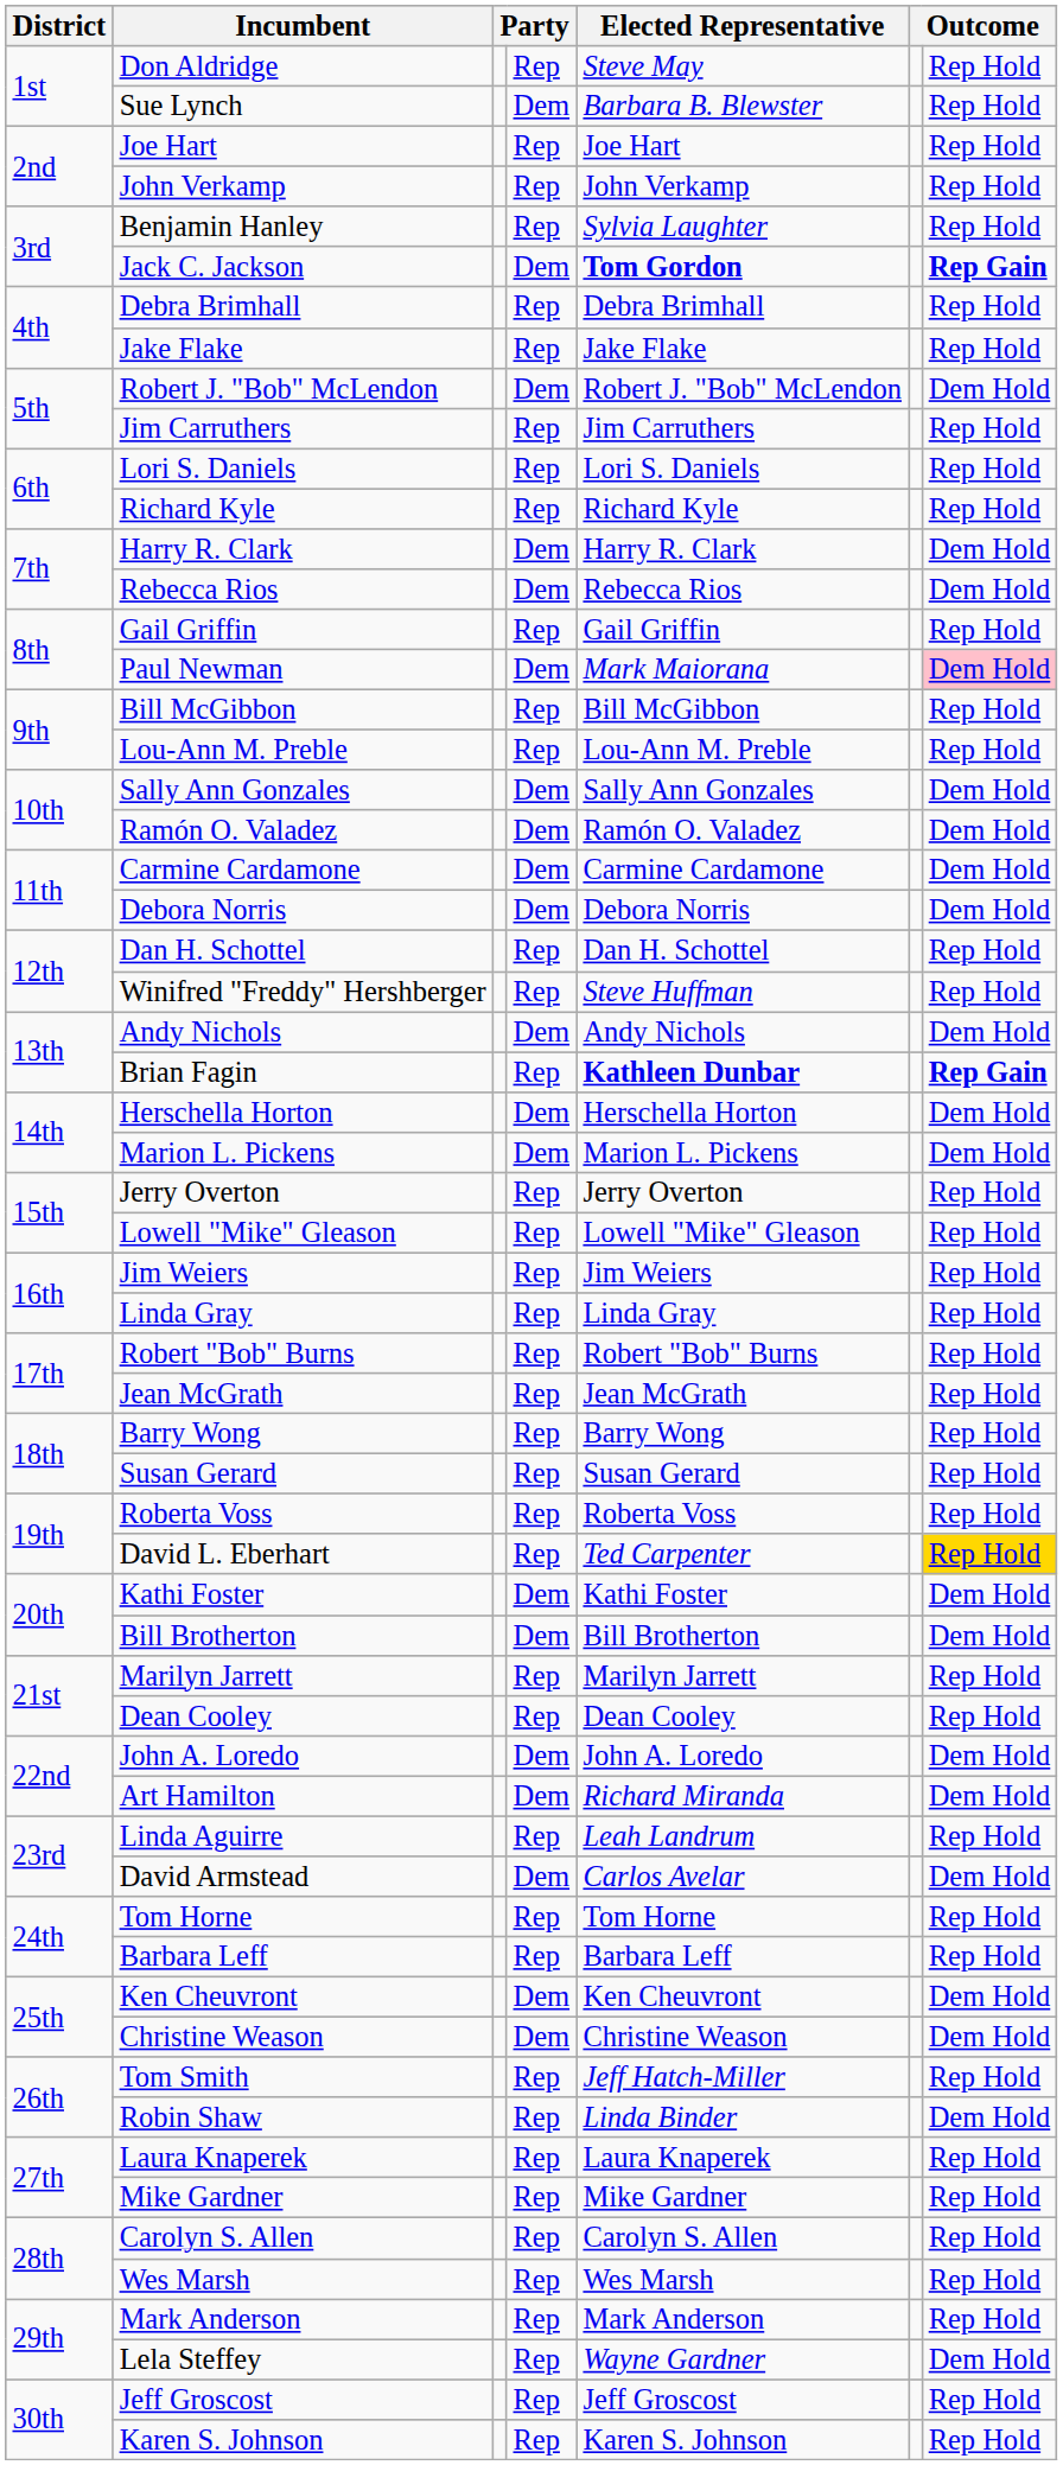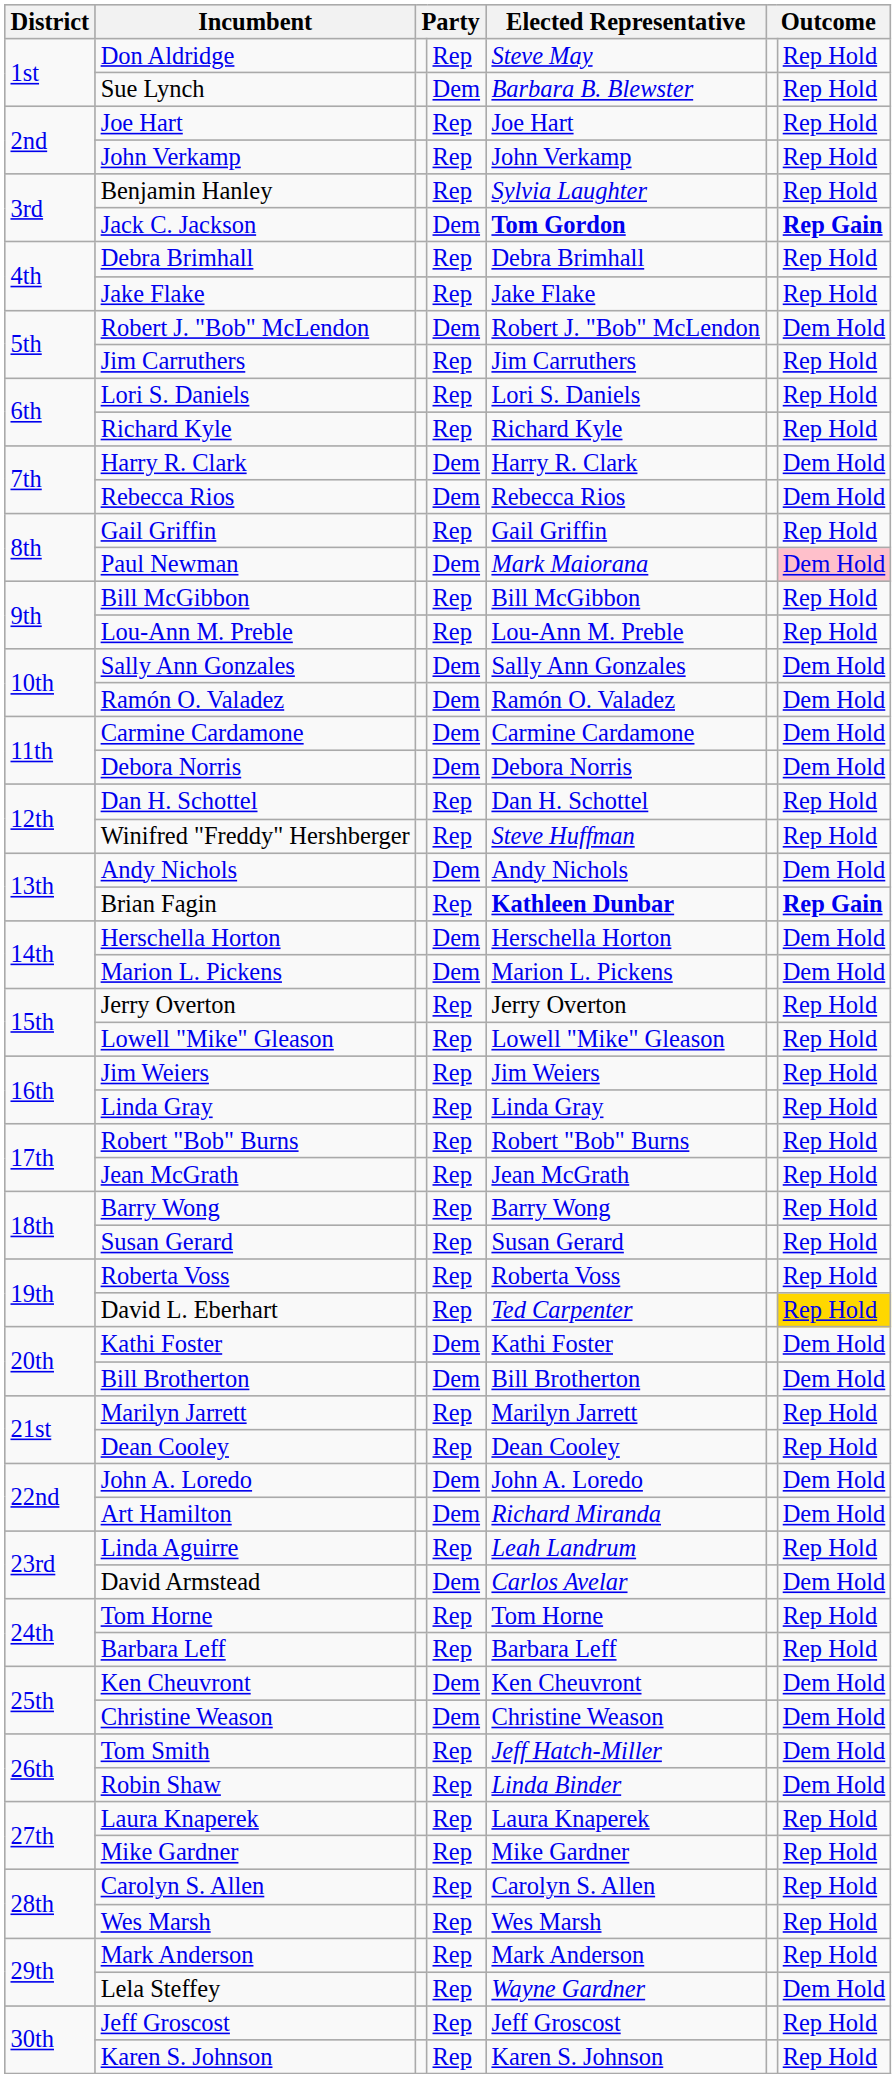 <table class="sortable wikitable" style="font-size:95%;line-height:14px;">
 <tr>
 <th>District</th>
 <th>Incumbent</th>
 <th colspan="2">Party</th>
 <th>Elected Representative</th>
 <th colspan="2">Outcome</th>
 </tr>
 <tr>
 <td rowspan="2"><a href='#'>1st</a></td>
 <td><a href='#'>Don Aldridge</a></td>
 <td style="background:"></td>
 <td><a href='#'>Rep</a></td>
 <td><em><a href='#'>Steve May</a></em></td>
 <td style="background:"></td>
 <td><a href='#'>Rep Hold</a></td>
 </tr>
 <tr>
 <td>Sue Lynch</td>
 <td style="background:"></td>
 <td><a href='#'>Dem</a></td>
 <td><em><a href='#'>Barbara B. Blewster</a></em></td>
 <td style="background:"></td>
 <td><a href='#'>Rep Hold</a></td>
 </tr>
 <tr>
 <td rowspan="2"><a href='#'>2nd</a></td>
 <td><a href='#'>Joe Hart</a></td>
 <td style="background:"></td>
 <td><a href='#'>Rep</a></td>
 <td><a href='#'>Joe Hart</a></td>
 <td style="background:"></td>
 <td><a href='#'>Rep Hold</a></td>
 </tr>
 <tr>
 <td><a href='#'>John Verkamp</a></td>
 <td style="background:"></td>
 <td><a href='#'>Rep</a></td>
 <td><a href='#'>John Verkamp</a></td>
 <td style="background:"></td>
 <td><a href='#'>Rep Hold</a></td>
 </tr>
 <tr>
 <td rowspan="2"><a href='#'>3rd</a></td>
 <td>Benjamin Hanley</td>
 <td style="background:"></td>
 <td><a href='#'>Rep</a></td>
 <td><em><a href='#'>Sylvia Laughter</a></em></td>
 <td style="background:"></td>
 <td><a href='#'>Rep Hold</a></td>
 </tr>
 <tr>
 <td><a href='#'>Jack C. Jackson</a></td>
 <td style="background:"></td>
 <td><a href='#'>Dem</a></td>
 <td><strong><a href='#'>Tom Gordon</a></strong></td>
 <td style="background:"></td>
 <td><strong><a href='#'>Rep Gain</a></strong></td>
 </tr>
 <tr>
 <td rowspan="2"><a href='#'>4th</a></td>
 <td><a href='#'>Debra Brimhall</a></td>
 <td style="background:"></td>
 <td><a href='#'>Rep</a></td>
 <td><a href='#'>Debra Brimhall</a></td>
 <td style="background:"></td>
 <td><a href='#'>Rep Hold</a></td>
 </tr>
 <tr>
 <td><a href='#'>Jake Flake</a></td>
 <td style="background:"></td>
 <td><a href='#'>Rep</a></td>
 <td><a href='#'>Jake Flake</a></td>
 <td style="background:"></td>
 <td><a href='#'>Rep Hold</a></td>
 </tr>
 <tr>
 <td rowspan="2"><a href='#'>5th</a></td>
 <td><a href='#'>Robert J. "Bob" McLendon</a></td>
 <td style="background:"></td>
 <td><a href='#'>Dem</a></td>
 <td><a href='#'>Robert J. "Bob" McLendon</a></td>
 <td style="background:"></td>
 <td><a href='#'>Dem Hold</a></td>
 </tr>
 <tr>
 <td><a href='#'>Jim Carruthers</a></td>
 <td style="background:"></td>
 <td><a href='#'>Rep</a></td>
 <td><a href='#'>Jim Carruthers</a></td>
 <td style="background:"></td>
 <td><a href='#'>Rep Hold</a></td>
 </tr>
 <tr>
 <td rowspan="2"><a href='#'>6th</a></td>
 <td><a href='#'>Lori S. Daniels</a></td>
 <td style="background:"></td>
 <td><a href='#'>Rep</a></td>
 <td><a href='#'>Lori S. Daniels</a></td>
 <td style="background:"></td>
 <td><a href='#'>Rep Hold</a></td>
 </tr>
 <tr>
 <td><a href='#'>Richard Kyle</a></td>
 <td style="background:"></td>
 <td><a href='#'>Rep</a></td>
 <td><a href='#'>Richard Kyle</a></td>
 <td style="background:"></td>
 <td><a href='#'>Rep Hold</a></td>
 </tr>
 <tr>
 <td rowspan="2"><a href='#'>7th</a></td>
 <td><a href='#'>Harry R. Clark</a></td>
 <td style="background:"></td>
 <td><a href='#'>Dem</a></td>
 <td><a href='#'>Harry R. Clark</a></td>
 <td style="background:"></td>
 <td><a href='#'>Dem Hold</a></td>
 </tr>
 <tr>
 <td><a href='#'>Rebecca Rios</a></td>
 <td style="background:"></td>
 <td><a href='#'>Dem</a></td>
 <td><a href='#'>Rebecca Rios</a></td>
 <td style="background:"></td>
 <td><a href='#'>Dem Hold</a></td>
 </tr>
 <tr>
 <td rowspan="2"><a href='#'>8th</a></td>
 <td><a href='#'>Gail Griffin</a></td>
 <td style="background:"></td>
 <td><a href='#'>Rep</a></td>
 <td><a href='#'>Gail Griffin</a></td>
 <td style="background:"></td>
 <td><a href='#'>Rep Hold</a></td>
 </tr>
 <tr>
 <td><a href='#'>Paul Newman</a></td>
 <td style="background:"></td>
 <td><a href='#'>Dem</a></td>
 <td><em><a href='#'>Mark Maiorana</a></em></td>
 <td style="background:"></td>
 <td style="background: pink;"><a href='#'>Dem Hold</a></td>
 </tr>
 <tr>
 <td rowspan="2"><a href='#'>9th</a></td>
 <td><a href='#'>Bill McGibbon</a></td>
 <td style="background:"></td>
 <td><a href='#'>Rep</a></td>
 <td><a href='#'>Bill McGibbon</a></td>
 <td style="background:"></td>
 <td><a href='#'>Rep Hold</a></td>
 </tr>
 <tr>
 <td><a href='#'>Lou-Ann M. Preble</a></td>
 <td style="background:"></td>
 <td><a href='#'>Rep</a></td>
 <td><a href='#'>Lou-Ann M. Preble</a></td>
 <td style="background:"></td>
 <td><a href='#'>Rep Hold</a></td>
 </tr>
 <tr>
 <td rowspan="2"><a href='#'>10th</a></td>
 <td><a href='#'>Sally Ann Gonzales</a></td>
 <td style="background:"></td>
 <td><a href='#'>Dem</a></td>
 <td><a href='#'>Sally Ann Gonzales</a></td>
 <td style="background:"></td>
 <td><a href='#'>Dem Hold</a></td>
 </tr>
 <tr>
 <td><a href='#'>Ramón O. Valadez</a></td>
 <td style="background:"></td>
 <td><a href='#'>Dem</a></td>
 <td><a href='#'>Ramón O. Valadez</a></td>
 <td style="background:"></td>
 <td><a href='#'>Dem Hold</a></td>
 </tr>
 <tr>
 <td rowspan="2"><a href='#'>11th</a></td>
 <td><a href='#'>Carmine Cardamone</a></td>
 <td style="background:"></td>
 <td><a href='#'>Dem</a></td>
 <td><a href='#'>Carmine Cardamone</a></td>
 <td style="background:"></td>
 <td><a href='#'>Dem Hold</a></td>
 </tr>
 <tr>
 <td><a href='#'>Debora Norris</a></td>
 <td style="background:"></td>
 <td><a href='#'>Dem</a></td>
 <td><a href='#'>Debora Norris</a></td>
 <td style="background:"></td>
 <td><a href='#'>Dem Hold</a></td>
 </tr>
 <tr>
 <td rowspan="2"><a href='#'>12th</a></td>
 <td><a href='#'>Dan H. Schottel</a></td>
 <td style="background:"></td>
 <td><a href='#'>Rep</a></td>
 <td><a href='#'>Dan H. Schottel</a></td>
 <td style="background:"></td>
 <td><a href='#'>Rep Hold</a></td>
 </tr>
 <tr>
 <td>Winifred "Freddy" Hershberger</td>
 <td style="background:"></td>
 <td><a href='#'>Rep</a></td>
 <td><em><a href='#'>Steve Huffman</a></em></td>
 <td style="background:"></td>
 <td><a href='#'>Rep Hold</a></td>
 </tr>
 <tr>
 <td rowspan="2"><a href='#'>13th</a></td>
 <td><a href='#'>Andy Nichols</a></td>
 <td style="background:"></td>
 <td><a href='#'>Dem</a></td>
 <td><a href='#'>Andy Nichols</a></td>
 <td style="background:"></td>
 <td><a href='#'>Dem Hold</a></td>
 </tr>
 <tr>
 <td>Brian Fagin</td>
 <td style="background:"></td>
 <td><a href='#'>Rep</a></td>
 <td><strong><a href='#'>Kathleen Dunbar</a></strong></td>
 <td style="background:"></td>
 <td><strong><a href='#'>Rep Gain</a></strong></td>
 </tr>
 <tr>
 <td rowspan="2"><a href='#'>14th</a></td>
 <td><a href='#'>Herschella Horton</a></td>
 <td style="background:"></td>
 <td><a href='#'>Dem</a></td>
 <td><a href='#'>Herschella Horton</a></td>
 <td style="background:"></td>
 <td><a href='#'>Dem Hold</a></td>
 </tr>
 <tr>
 <td><a href='#'>Marion L. Pickens</a></td>
 <td style="background:"></td>
 <td><a href='#'>Dem</a></td>
 <td><a href='#'>Marion L. Pickens</a></td>
 <td style="background:"></td>
 <td><a href='#'>Dem Hold</a></td>
 </tr>
 <tr>
 <td rowspan="2"><a href='#'>15th</a></td>
 <td>Jerry Overton</td>
 <td style="background:"></td>
 <td><a href='#'>Rep</a></td>
 <td>Jerry Overton</td>
 <td style="background:"></td>
 <td><a href='#'>Rep Hold</a></td>
 </tr>
 <tr>
 <td><a href='#'>Lowell "Mike" Gleason</a></td>
 <td style="background:"></td>
 <td><a href='#'>Rep</a></td>
 <td><a href='#'>Lowell "Mike" Gleason</a></td>
 <td style="background:"></td>
 <td><a href='#'>Rep Hold</a></td>
 </tr>
 <tr>
 <td rowspan="2"><a href='#'>16th</a></td>
 <td><a href='#'>Jim Weiers</a></td>
 <td style="background:"></td>
 <td><a href='#'>Rep</a></td>
 <td><a href='#'>Jim Weiers</a></td>
 <td style="background:"></td>
 <td><a href='#'>Rep Hold</a></td>
 </tr>
 <tr>
 <td><a href='#'>Linda Gray</a></td>
 <td style="background:"></td>
 <td><a href='#'>Rep</a></td>
 <td><a href='#'>Linda Gray</a></td>
 <td style="background:"></td>
 <td><a href='#'>Rep Hold</a></td>
 </tr>
 <tr>
 <td rowspan="2"><a href='#'>17th</a></td>
 <td><a href='#'>Robert "Bob" Burns</a></td>
 <td style="background:"></td>
 <td><a href='#'>Rep</a></td>
 <td><a href='#'>Robert "Bob" Burns</a></td>
 <td style="background:"></td>
 <td><a href='#'>Rep Hold</a></td>
 </tr>
 <tr>
 <td><a href='#'>Jean McGrath</a></td>
 <td style="background:"></td>
 <td><a href='#'>Rep</a></td>
 <td><a href='#'>Jean McGrath</a></td>
 <td style="background:"></td>
 <td><a href='#'>Rep Hold</a></td>
 </tr>
 <tr>
 <td rowspan="2"><a href='#'>18th</a></td>
 <td><a href='#'>Barry Wong</a></td>
 <td style="background:"></td>
 <td><a href='#'>Rep</a></td>
 <td><a href='#'>Barry Wong</a></td>
 <td style="background:"></td>
 <td><a href='#'>Rep Hold</a></td>
 </tr>
 <tr>
 <td><a href='#'>Susan Gerard</a></td>
 <td style="background:"></td>
 <td><a href='#'>Rep</a></td>
 <td><a href='#'>Susan Gerard</a></td>
 <td style="background:"></td>
 <td><a href='#'>Rep Hold</a></td>
 </tr>
 <tr>
 <td rowspan="2"><a href='#'>19th</a></td>
 <td><a href='#'>Roberta Voss</a></td>
 <td style="background:"></td>
 <td><a href='#'>Rep</a></td>
 <td><a href='#'>Roberta Voss</a></td>
 <td style="background:"></td>
 <td><a href='#'>Rep Hold</a></td>
 </tr>
 <tr>
 <td>David L. Eberhart</td>
 <td style="background:"></td>
 <td><a href='#'>Rep</a></td>
 <td><em><a href='#'>Ted Carpenter</a></em></td>
 <td style="background:"></td>
 <td style="background: gold;"><a href='#'>Rep Hold</a></td>
 </tr>
 <tr>
 <td rowspan="2"><a href='#'>20th</a></td>
 <td><a href='#'>Kathi Foster</a></td>
 <td style="background:"></td>
 <td><a href='#'>Dem</a></td>
 <td><a href='#'>Kathi Foster</a></td>
 <td style="background:"></td>
 <td><a href='#'>Dem Hold</a></td>
 </tr>
 <tr>
 <td><a href='#'>Bill Brotherton</a></td>
 <td style="background:"></td>
 <td><a href='#'>Dem</a></td>
 <td><a href='#'>Bill Brotherton</a></td>
 <td style="background:"></td>
 <td><a href='#'>Dem Hold</a></td>
 </tr>
 <tr>
 <td rowspan="2"><a href='#'>21st</a></td>
 <td><a href='#'>Marilyn Jarrett</a></td>
 <td style="background:"></td>
 <td><a href='#'>Rep</a></td>
 <td><a href='#'>Marilyn Jarrett</a></td>
 <td style="background:"></td>
 <td><a href='#'>Rep Hold</a></td>
 </tr>
 <tr>
 <td><a href='#'>Dean Cooley</a></td>
 <td style="background:"></td>
 <td><a href='#'>Rep</a></td>
 <td><a href='#'>Dean Cooley</a></td>
 <td style="background:"></td>
 <td><a href='#'>Rep Hold</a></td>
 </tr>
 <tr>
 <td rowspan="2"><a href='#'>22nd</a></td>
 <td><a href='#'>John A. Loredo</a></td>
 <td style="background:"></td>
 <td><a href='#'>Dem</a></td>
 <td><a href='#'>John A. Loredo</a></td>
 <td style="background:"></td>
 <td><a href='#'>Dem Hold</a></td>
 </tr>
 <tr>
 <td><a href='#'>Art Hamilton</a></td>
 <td style="background:"></td>
 <td><a href='#'>Dem</a></td>
 <td><em><a href='#'>Richard Miranda</a></em></td>
 <td style="background:"></td>
 <td><a href='#'>Dem Hold</a></td>
 </tr>
 <tr>
 <td rowspan="2"><a href='#'>23rd</a></td>
 <td><a href='#'>Linda Aguirre</a></td>
 <td style="background:"></td>
 <td><a href='#'>Rep</a></td>
 <td><em><a href='#'>Leah Landrum</a></em></td>
 <td style="background:"></td>
 <td><a href='#'>Rep Hold</a></td>
 </tr>
 <tr>
 <td>David Armstead</td>
 <td style="background:"></td>
 <td><a href='#'>Dem</a></td>
 <td><em><a href='#'>Carlos Avelar</a></em></td>
 <td style="background:"></td>
 <td><a href='#'>Dem Hold</a></td>
 </tr>
 <tr>
 <td rowspan="2"><a href='#'>24th</a></td>
 <td><a href='#'>Tom Horne</a></td>
 <td style="background:"></td>
 <td><a href='#'>Rep</a></td>
 <td><a href='#'>Tom Horne</a></td>
 <td style="background:"></td>
 <td><a href='#'>Rep Hold</a></td>
 </tr>
 <tr>
 <td><a href='#'>Barbara Leff</a></td>
 <td style="background:"></td>
 <td><a href='#'>Rep</a></td>
 <td><a href='#'>Barbara Leff</a></td>
 <td style="background:"></td>
 <td><a href='#'>Rep Hold</a></td>
 </tr>
 <tr>
 <td rowspan="2"><a href='#'>25th</a></td>
 <td><a href='#'>Ken Cheuvront</a></td>
 <td style="background:"></td>
 <td><a href='#'>Dem</a></td>
 <td><a href='#'>Ken Cheuvront</a></td>
 <td style="background:"></td>
 <td><a href='#'>Dem Hold</a></td>
 </tr>
 <tr>
 <td><a href='#'>Christine Weason</a></td>
 <td style="background:"></td>
 <td><a href='#'>Dem</a></td>
 <td><a href='#'>Christine Weason</a></td>
 <td style="background:"></td>
 <td><a href='#'>Dem Hold</a></td>
 </tr>
 <tr>
 <td rowspan="2"><a href='#'>26th</a></td>
 <td><a href='#'>Tom Smith</a></td>
 <td style="background:"></td>
 <td><a href='#'>Rep</a></td>
 <td><em><a href='#'>Jeff Hatch-Miller</a></em></td>
 <td style="background:"></td>
-<td><a href='#'>Rep Hold</a></td>
+<td><a href='#'>Dem Hold</a></td>
 </tr>
 <tr>
 <td><a href='#'>Robin Shaw</a></td>
 <td style="background:"></td>
 <td><a href='#'>Rep</a></td>
 <td><em><a href='#'>Linda Binder</a></em></td>
 <td style="background:"></td>
 <td><a href='#'>Dem Hold</a></td>
 </tr>
 <tr>
 <td rowspan="2"><a href='#'>27th</a></td>
 <td><a href='#'>Laura Knaperek</a></td>
 <td style="background:"></td>
 <td><a href='#'>Rep</a></td>
 <td><a href='#'>Laura Knaperek</a></td>
 <td style="background:"></td>
 <td><a href='#'>Rep Hold</a></td>
 </tr>
 <tr>
 <td><a href='#'>Mike Gardner</a></td>
 <td style="background:"></td>
 <td><a href='#'>Rep</a></td>
 <td><a href='#'>Mike Gardner</a></td>
 <td style="background:"></td>
 <td><a href='#'>Rep Hold</a></td>
 </tr>
 <tr>
 <td rowspan="2"><a href='#'>28th</a></td>
 <td><a href='#'>Carolyn S. Allen</a></td>
 <td style="background:"></td>
 <td><a href='#'>Rep</a></td>
 <td><a href='#'>Carolyn S. Allen</a></td>
 <td style="background:"></td>
 <td><a href='#'>Rep Hold</a></td>
 </tr>
 <tr>
 <td><a href='#'>Wes Marsh</a></td>
 <td style="background:"></td>
 <td><a href='#'>Rep</a></td>
 <td><a href='#'>Wes Marsh</a></td>
 <td style="background:"></td>
 <td><a href='#'>Rep Hold</a></td>
 </tr>
 <tr>
 <td rowspan="2"><a href='#'>29th</a></td>
 <td><a href='#'>Mark Anderson</a></td>
 <td style="background:"></td>
 <td><a href='#'>Rep</a></td>
 <td><a href='#'>Mark Anderson</a></td>
 <td style="background:"></td>
 <td><a href='#'>Rep Hold</a></td>
 </tr>
 <tr>
 <td>Lela Steffey</td>
 <td style="background:"></td>
 <td><a href='#'>Rep</a></td>
 <td><em><a href='#'>Wayne Gardner</a></em></td>
 <td style="background:"></td>
 <td><a href='#'>Dem Hold</a></td>
 </tr>
 <tr>
 <td rowspan="2"><a href='#'>30th</a></td>
 <td><a href='#'>Jeff Groscost</a></td>
 <td style="background:"></td>
 <td><a href='#'>Rep</a></td>
 <td><a href='#'>Jeff Groscost</a></td>
 <td style="background:"></td>
 <td><a href='#'>Rep Hold</a></td>
 </tr>
 <tr>
 <td><a href='#'>Karen S. Johnson</a></td>
 <td style="background:"></td>
 <td><a href='#'>Rep</a></td>
 <td><a href='#'>Karen S. Johnson</a></td>
 <td style="background:"></td>
 <td><a href='#'>Rep Hold</a></td>
 </tr>
 <tr>
 </tr>
 </table>
